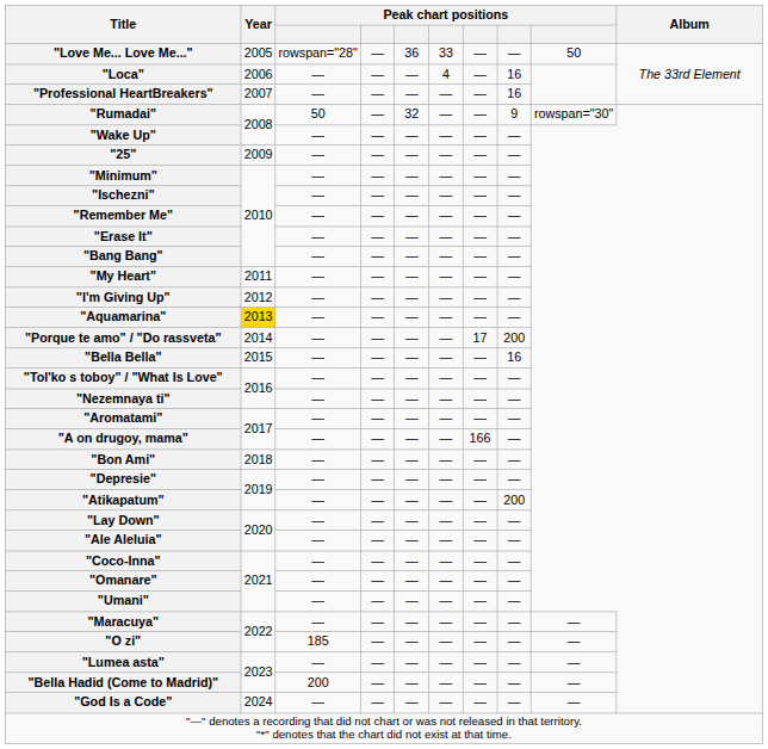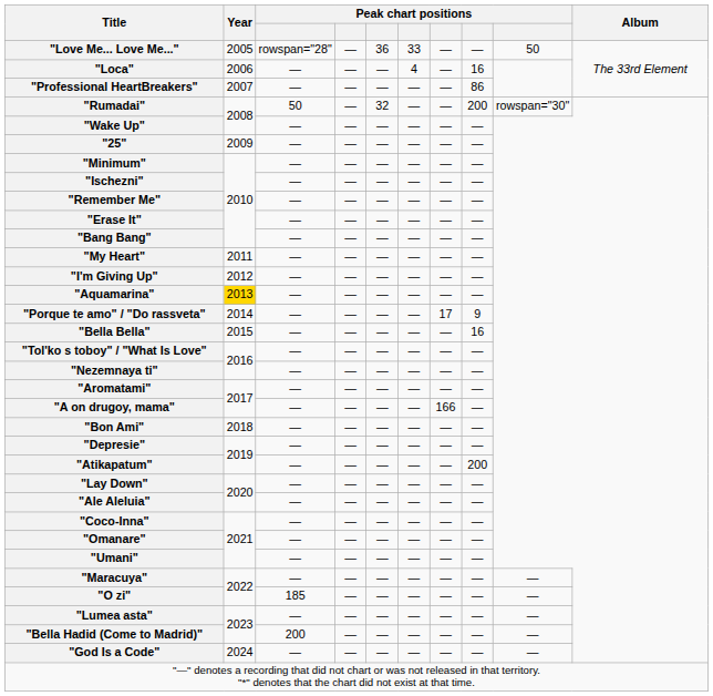 <table class="wikitable plainrowheaders" style="text-align:center;">
 <tr>
 <th scope="col" rowspan="2" style="width:18em;">Title</th>
 <th scope="col" rowspan="2" style="width:1em;">Year</th>
 <th colspan="7" scope="col">Peak chart positions</th>
 <th scope="col" rowspan="2" style="width:11em;">Album</th>
 </tr>
 <tr>
 <th scope="col" style="width:2.5em;font-size:90%;"><a href='#'></a><br></th>
 <th scope="col" style="width:2.5em;font-size:90%;"><a href='#'></a><br></th>
 <th scope="col" style="width:2.5em;font-size:90%;"><a href='#'></a><br></th>
 <th scope="col" style="width:2.5em;font-size:90%;"><a href='#'></a><br></th>
 <th scope="col" style="width:2.5em;font-size:90%;"><a href='#'></a><br></th>
 <th scope="col" style="width:2.5em;font-size:90%;"><a href='#'></a><br></th>
 <th scope="col" style="width:2.5em;font-size:90%;"><a href='#'></a><br></th>
 </tr>
 <tr>
 <th scope="row">"Love Me... Love Me..."</th>
 <td rowspan="1">2005</td>
 <td>rowspan="28" </td>
 <td>—</td>
 <td>36</td>
 <td>33</td>
 <td>—</td>
 <td>—</td>
 <td>50</td>
 <td rowspan="3"><em>The 33rd Element</em></td>
 </tr>
 <tr>
 <th scope="row">"Loca"<br></th>
 <td rowspan="1">2006</td>
 <td>—</td>
 <td>—</td>
 <td>—</td>
 <td>4</td>
 <td>—</td>
 <td>16</td>
 </tr>
 <tr>
 <th scope="row">"Professional HeartBreakers"</th>
 <td rowspan="1">2007</td>
 <td>—</td>
 <td>—</td>
 <td>—</td>
 <td>—</td>
 <td>—</td>
-<td>16</td>
+<td>86</td>
 </tr>
 <tr>
 <th scope="row">"Rumadai"</th>
 <td rowspan="2">2008</td>
 <td>50</td>
 <td>—</td>
 <td>32</td>
 <td>—</td>
 <td>—</td>
-<td>9</td>
+<td>200</td>
 <td>rowspan="30" </td>
 </tr>
 <tr>
 <th scope="row">"Wake Up"</th>
 <td>—</td>
 <td>—</td>
 <td>—</td>
 <td>—</td>
 <td>—</td>
 <td>—</td>
 </tr>
 <tr>
 <th scope="row">"25"</th>
 <td rowspan="1">2009</td>
 <td>—</td>
 <td>—</td>
 <td>—</td>
 <td>—</td>
 <td>—</td>
 <td>—</td>
 </tr>
 <tr>
 <th scope="row">"Minimum"</th>
 <td rowspan="5">2010</td>
 <td>—</td>
 <td>—</td>
 <td>—</td>
 <td>—</td>
 <td>—</td>
 <td>—</td>
 </tr>
 <tr>
 <th scope="row">"Ischezni"</th>
 <td>—</td>
 <td>—</td>
 <td>—</td>
 <td>—</td>
 <td>—</td>
 <td>—</td>
 </tr>
 <tr>
 <th scope="row">"Remember Me"</th>
 <td>—</td>
 <td>—</td>
 <td>—</td>
 <td>—</td>
 <td>—</td>
 <td>—</td>
 </tr>
 <tr>
 <th scope="row">"Erase It"</th>
 <td>—</td>
 <td>—</td>
 <td>—</td>
 <td>—</td>
 <td>—</td>
 <td>—</td>
 </tr>
 <tr>
 <th scope="row">"Bang Bang"</th>
 <td>—</td>
 <td>—</td>
 <td>—</td>
 <td>—</td>
 <td>—</td>
 <td>—</td>
 </tr>
 <tr>
 <th scope="row">"My Heart"<br></th>
 <td rowspan="1">2011</td>
 <td>—</td>
 <td>—</td>
 <td>—</td>
 <td>—</td>
 <td>—</td>
 <td>—</td>
 </tr>
 <tr>
 <th scope="row">"I'm Giving Up"</th>
 <td rowspan="1">2012</td>
 <td>—</td>
 <td>—</td>
 <td>—</td>
 <td>—</td>
 <td>—</td>
 <td>—</td>
 </tr>
 <tr>
 <th scope="row">"Aquamarina"<br></th>
 <td rowspan="1" style="background: gold;">2013</td>
 <td>—</td>
 <td>—</td>
 <td>—</td>
 <td>—</td>
 <td>—</td>
 <td>—</td>
 </tr>
 <tr>
 <th scope="row">"Porque te amo" / "Do rassveta"<br></th>
 <td rowspan="1">2014</td>
 <td>—</td>
 <td>—</td>
 <td>—</td>
 <td>—</td>
 <td>17</td>
-<td>200</td>
+<td>9</td>
 </tr>
 <tr>
 <th scope="row">"Bella Bella"</th>
 <td rowspan="1">2015</td>
 <td>—</td>
 <td>—</td>
 <td>—</td>
 <td>—</td>
 <td>—</td>
 <td>16</td>
 </tr>
 <tr>
 <th scope="row">"Tol'ko s toboy" / "What Is Love"</th>
 <td rowspan="2">2016</td>
 <td>—</td>
 <td>—</td>
 <td>—</td>
 <td>—</td>
 <td>—</td>
 <td>—</td>
 </tr>
 <tr>
 <th scope="row">"Nezemnaya ti"</th>
 <td>—</td>
 <td>—</td>
 <td>—</td>
 <td>—</td>
 <td>—</td>
 <td>—</td>
 </tr>
 <tr>
 <th scope="row">"Aromatami"</th>
 <td rowspan="2">2017</td>
 <td>—</td>
 <td>—</td>
 <td>—</td>
 <td>—</td>
 <td>—</td>
 <td>—</td>
 </tr>
 <tr>
 <th scope="row">"A on drugoy, mama"<br></th>
 <td>—</td>
 <td>—</td>
 <td>—</td>
 <td>—</td>
 <td>166</td>
 <td>—</td>
 </tr>
 <tr>
 <th scope="row">"Bon Ami"<br></th>
 <td rowspan="1">2018</td>
 <td>—</td>
 <td>—</td>
 <td>—</td>
 <td>—</td>
 <td>—</td>
 <td>—</td>
 </tr>
 <tr>
 <th scope="row">"Depresie"</th>
 <td rowspan="2">2019</td>
 <td>—</td>
 <td>—</td>
 <td>—</td>
 <td>—</td>
 <td>—</td>
 <td>—</td>
 </tr>
 <tr>
 <th scope="row">"Atikapatum"<br></th>
 <td>—</td>
 <td>—</td>
 <td>—</td>
 <td>—</td>
 <td>—</td>
 <td>200</td>
 </tr>
 <tr>
 <th scope="row">"Lay Down"<br></th>
 <td rowspan="2">2020</td>
 <td>—</td>
 <td>—</td>
 <td>—</td>
 <td>—</td>
 <td>—</td>
 <td>—</td>
 </tr>
 <tr>
 <th scope="row">"Ale Aleluia"<br></th>
 <td>—</td>
 <td>—</td>
 <td>—</td>
 <td>—</td>
 <td>—</td>
 <td>—</td>
 </tr>
 <tr>
 <th scope="row">"Coco-Inna"<br></th>
 <td rowspan="3">2021</td>
 <td>—</td>
 <td>—</td>
 <td>—</td>
 <td>—</td>
 <td>—</td>
 <td>—</td>
 </tr>
 <tr>
 <th scope="row">"Omanare"<br></th>
 <td>—</td>
 <td>—</td>
 <td>—</td>
 <td>—</td>
 <td>—</td>
 <td>—</td>
 </tr>
 <tr>
 <th scope="row">"Umani"<br></th>
 <td>—</td>
 <td>—</td>
 <td>—</td>
 <td>—</td>
 <td>—</td>
 <td>—</td>
 </tr>
 <tr>
 <th scope="row">"Maracuya"<br></th>
 <td rowspan="2">2022</td>
 <td>—</td>
 <td>—</td>
 <td>—</td>
 <td>—</td>
 <td>—</td>
 <td>—</td>
 <td>—</td>
 </tr>
 <tr>
 <th scope="row">"O zi"<br></th>
 <td>185</td>
 <td>—</td>
 <td>—</td>
 <td>—</td>
 <td>—</td>
 <td>—</td>
 <td>—</td>
 </tr>
 <tr>
 <th scope="row">"Lumea asta"<br></th>
 <td rowspan="2">2023</td>
 <td>—</td>
 <td>—</td>
 <td>—</td>
 <td>—</td>
 <td>—</td>
 <td>—</td>
 <td>—</td>
 </tr>
 <tr>
 <th scope="row">"Bella Hadid (Come to Madrid)"<br></th>
 <td>200</td>
 <td>—</td>
 <td>—</td>
 <td>—</td>
 <td>—</td>
 <td>—</td>
 <td>—</td>
 </tr>
 <tr>
 <th scope="row">"God Is a Code"<br></th>
 <td rowspan="1">2024</td>
 <td>—</td>
 <td>—</td>
 <td>—</td>
 <td>—</td>
 <td>—</td>
 <td>—</td>
 <td>—</td>
 </tr>
 <tr>
 <td colspan="18" style="font-size:90%">"—" denotes a recording that did not chart or was not released in that territory.<br>"*" denotes that the chart did not exist at that time.</td>
 </tr>
 </table>
